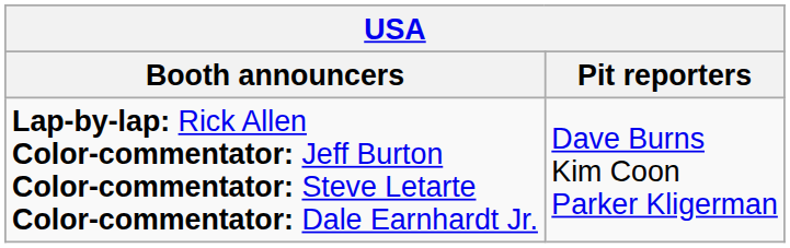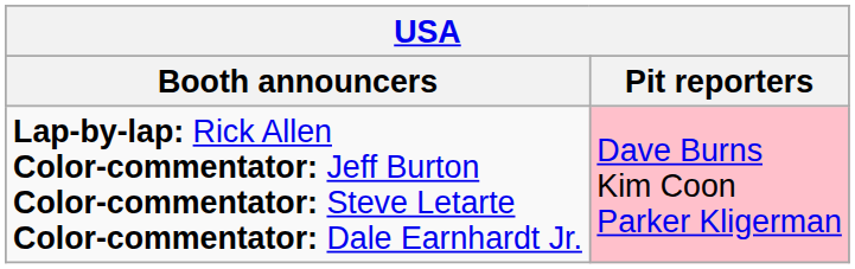 <table class="wikitable" style="font-size: 95%">
 <tr>
 <th colspan="2"><a href='#'>USA</a></th>
 </tr>
 <tr>
 <th>Booth announcers</th>
 <th>Pit reporters</th>
 </tr>
 <tr>
 <td><strong>Lap-by-lap:</strong> <a href='#'>Rick Allen</a><br><strong>Color-commentator:</strong> <a href='#'>Jeff Burton</a><br><strong>Color-commentator:</strong> <a href='#'>Steve Letarte</a><br><strong>Color-commentator:</strong> <a href='#'>Dale Earnhardt Jr.</a></td>
-<td><a href='#'>Dave Burns</a><br>Kim Coon<br><a href='#'>Parker Kligerman</a></td>
+<td style="background: pink;"><a href='#'>Dave Burns</a><br>Kim Coon<br><a href='#'>Parker Kligerman</a></td>
 </tr>
 </table>
